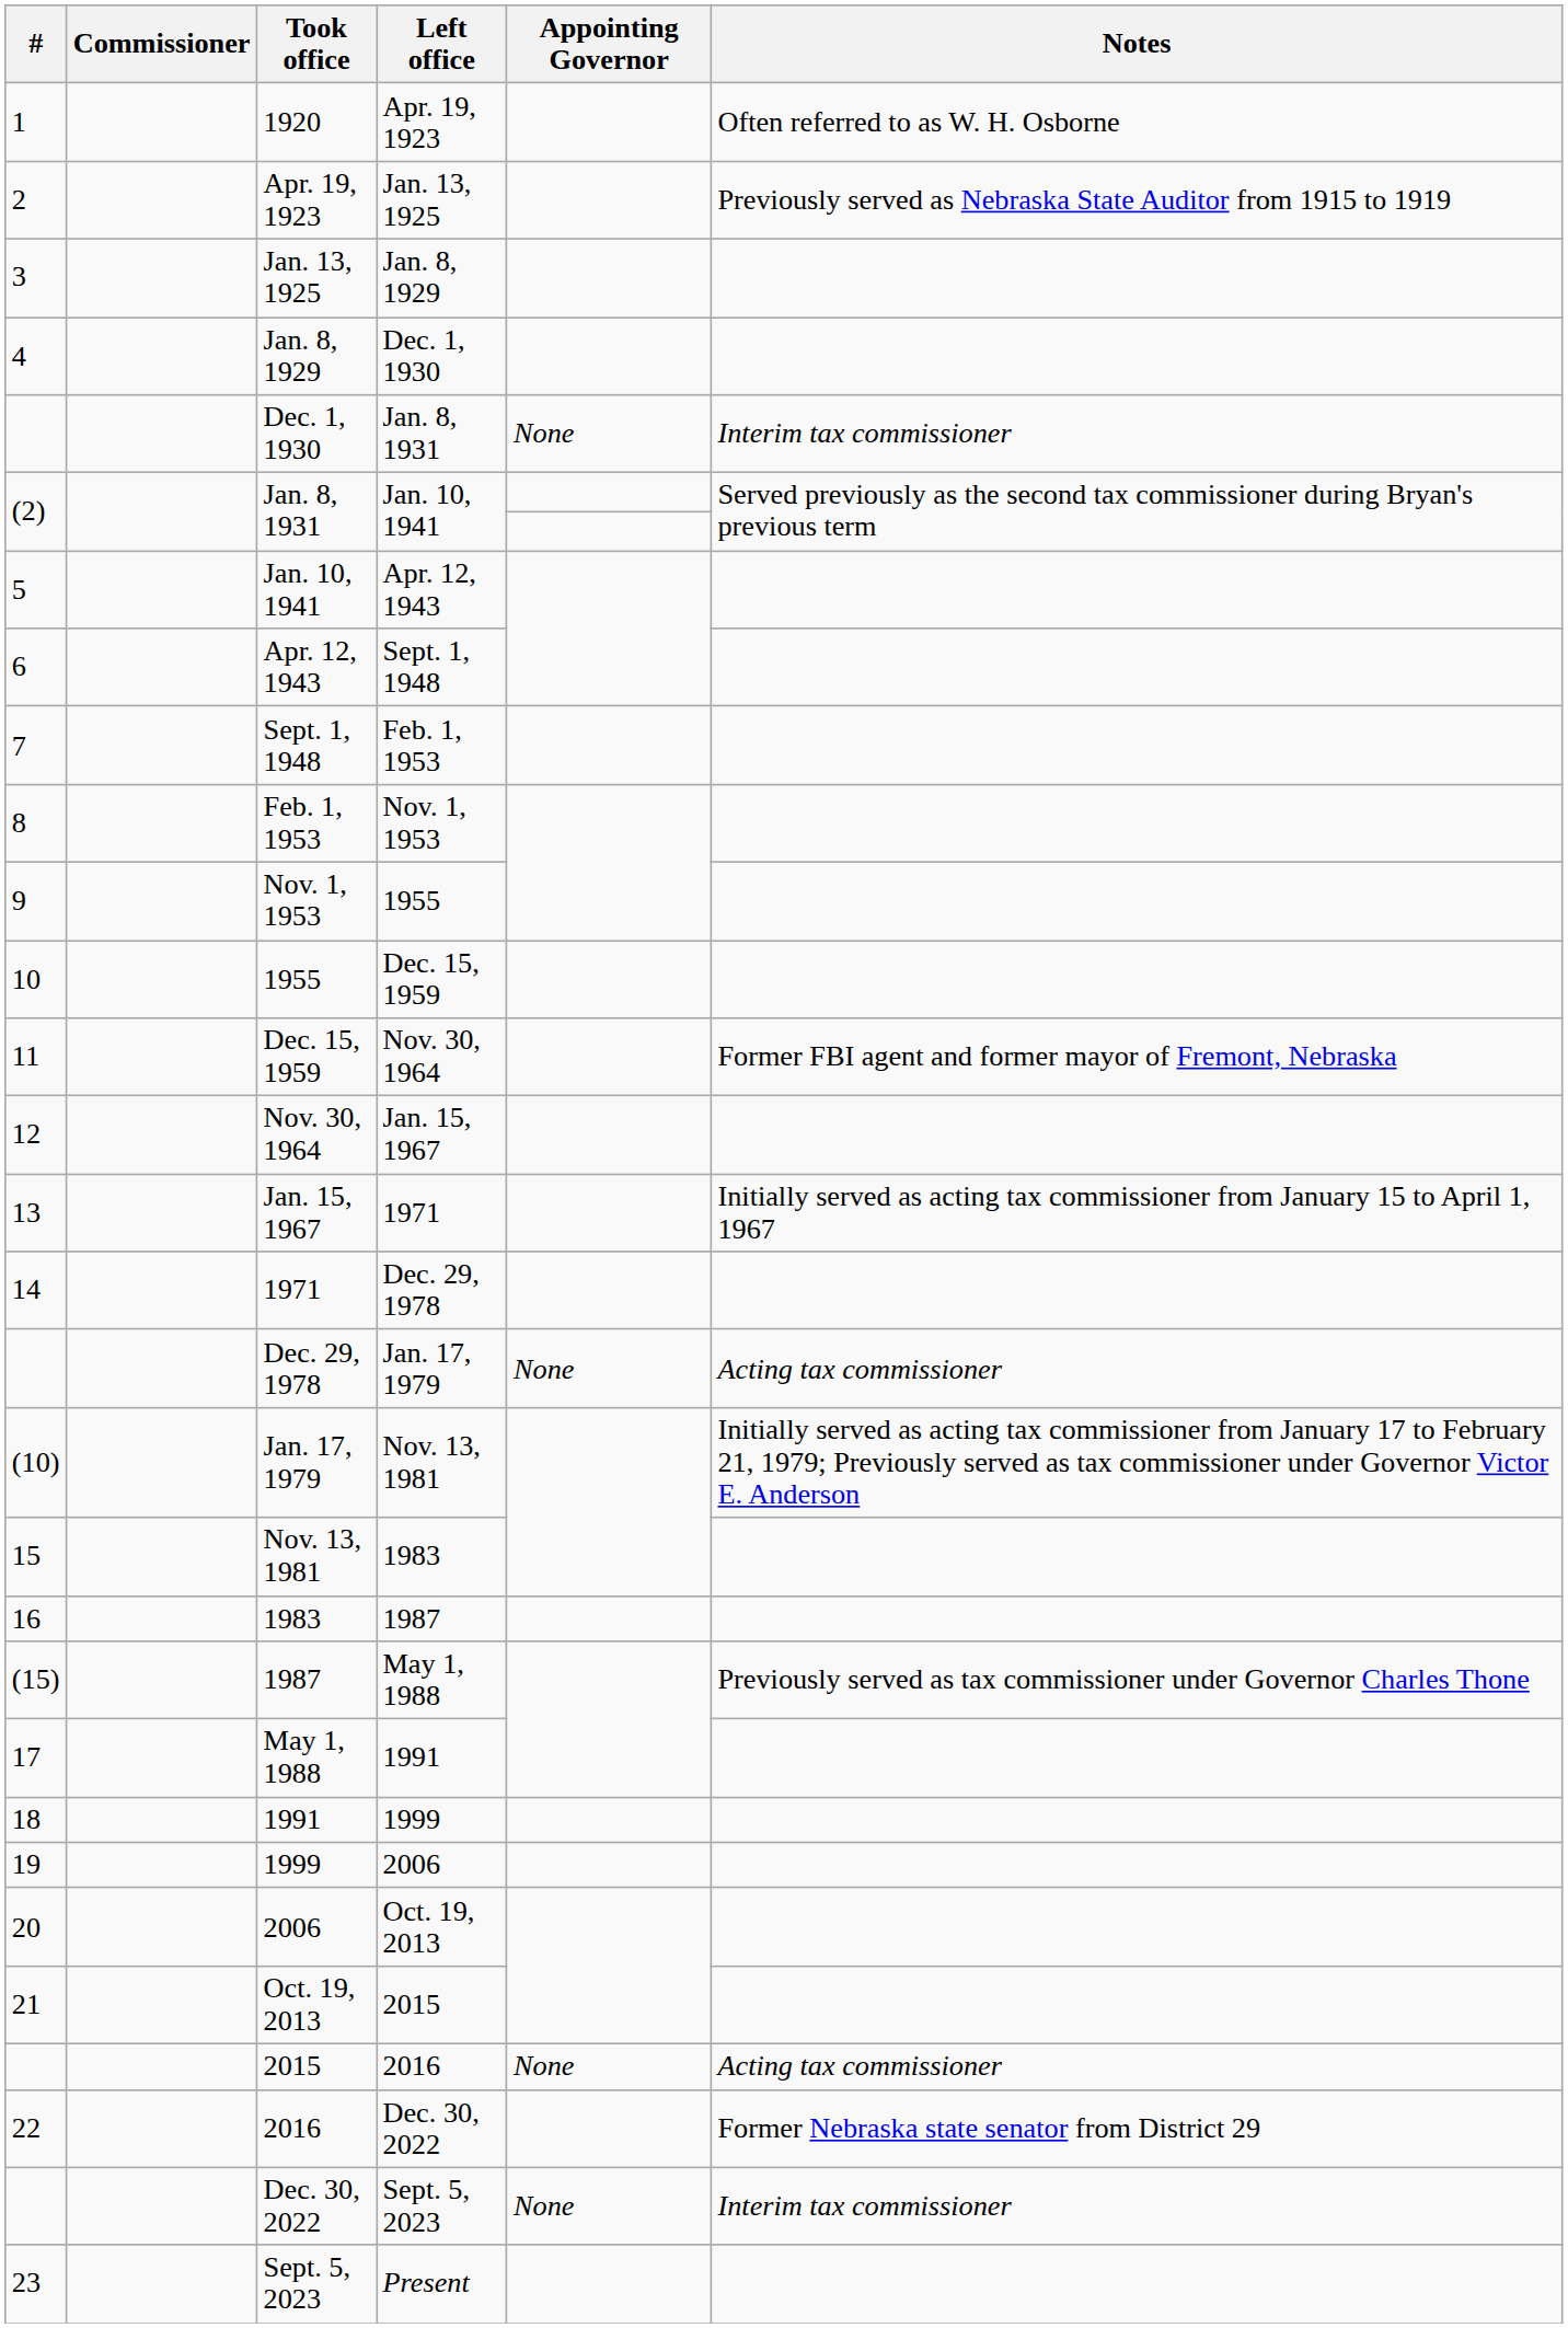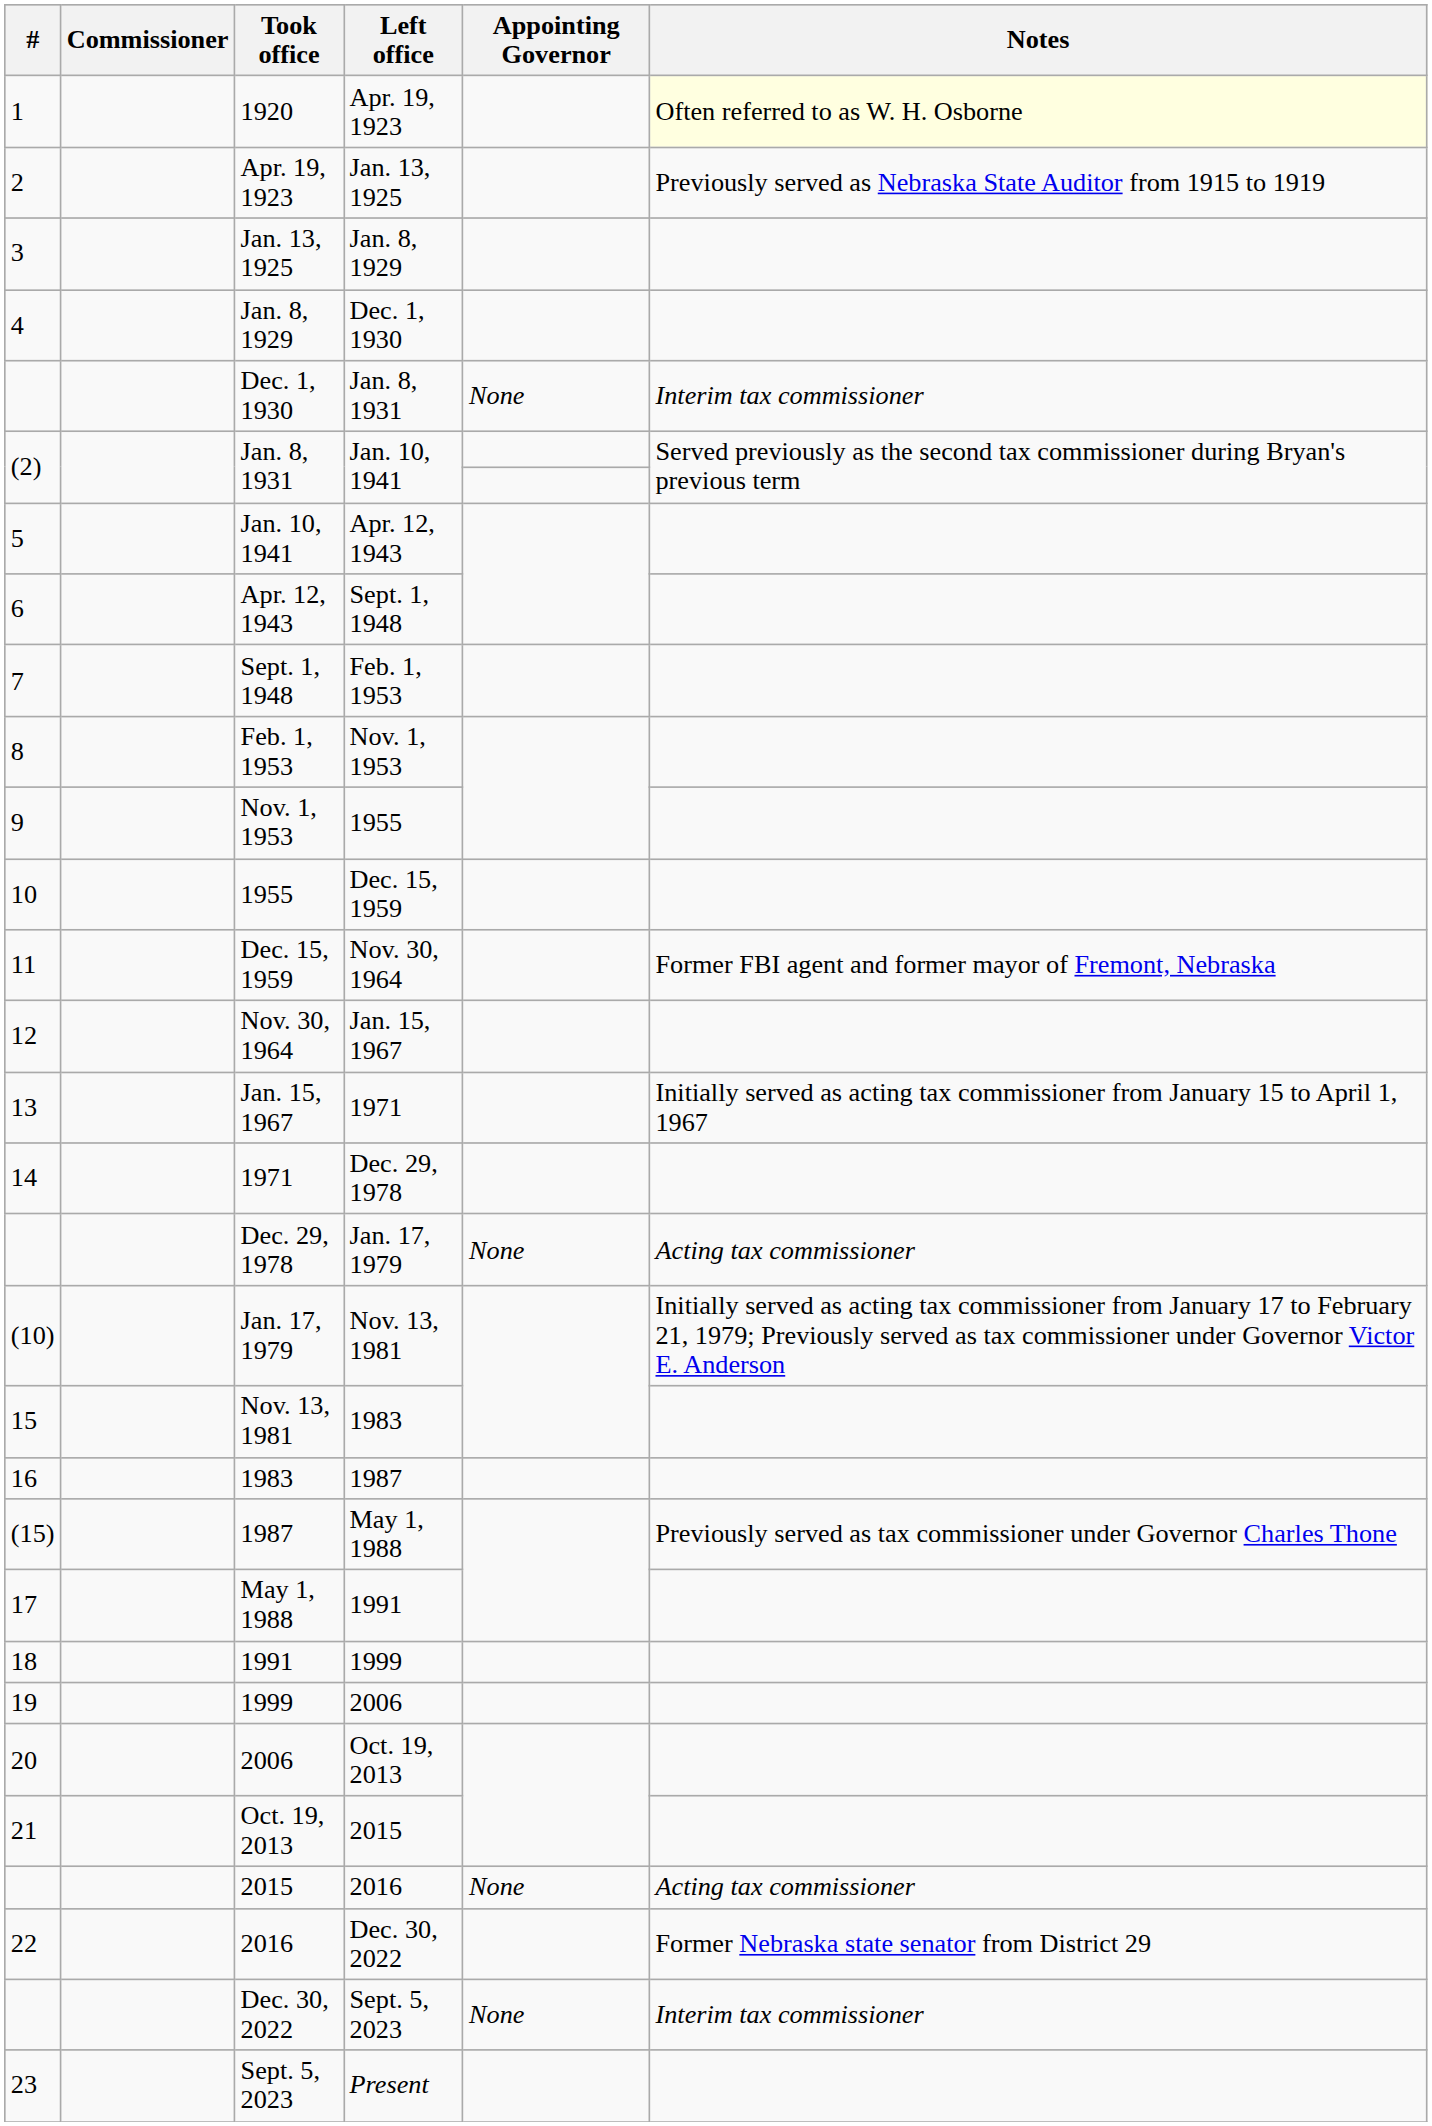 <table class="wikitable sortable">
 <tr>
 <th>#</th>
 <th>Commissioner</th>
 <th>Took office</th>
 <th>Left office</th>
 <th>Appointing Governor</th>
 <th>Notes</th>
 </tr>
 <tr>
 <td>1</td>
 <td></td>
 <td>1920</td>
 <td>Apr. 19, 1923</td>
 <td></td>
-<td>Often referred to as W. H. Osborne</td>
+<td style="background: lightyellow;">Often referred to as W. H. Osborne</td>
 </tr>
 <tr>
 <td>2</td>
 <td></td>
 <td>Apr. 19, 1923</td>
 <td>Jan. 13, 1925</td>
 <td></td>
 <td>Previously served as <a href='#'>Nebraska State Auditor</a> from 1915 to 1919</td>
 </tr>
 <tr>
 <td>3</td>
 <td></td>
 <td>Jan. 13, 1925</td>
 <td>Jan. 8, 1929</td>
 <td></td>
 <td></td>
 </tr>
 <tr>
 <td>4</td>
 <td></td>
 <td>Jan. 8, 1929</td>
 <td>Dec. 1, 1930</td>
 <td></td>
 <td></td>
 </tr>
 <tr>
 <td></td>
 <td><em></em></td>
 <td>Dec. 1, 1930</td>
 <td>Jan. 8, 1931</td>
 <td><em>None</em></td>
 <td><em>Interim tax commissioner</em></td>
 </tr>
 <tr>
 <td rowspan=2>(2)</td>
 <td align="left" rowspan=2></td>
 <td rowspan=2>Jan. 8, 1931</td>
 <td rowspan=2>Jan. 10, 1941</td>
 <td></td>
 <td rowspan=2>Served previously as the second tax commissioner during Bryan's previous term</td>
 </tr>
 <tr>
 <td></td>
 </tr>
 <tr>
 <td>5</td>
 <td></td>
 <td>Jan. 10, 1941</td>
 <td>Apr. 12, 1943</td>
 <td rowspan=2></td>
 <td></td>
 </tr>
 <tr>
 <td>6</td>
 <td></td>
 <td>Apr. 12, 1943</td>
 <td>Sept. 1, 1948</td>
 <td></td>
 </tr>
 <tr>
 <td>7</td>
 <td></td>
 <td>Sept. 1, 1948</td>
 <td>Feb. 1, 1953</td>
 <td></td>
 <td></td>
 </tr>
 <tr>
 <td>8</td>
 <td></td>
 <td>Feb. 1, 1953</td>
 <td>Nov. 1, 1953</td>
 <td rowspan=2></td>
 <td></td>
 </tr>
 <tr>
 <td>9</td>
 <td></td>
 <td>Nov. 1, 1953</td>
 <td>1955</td>
 <td></td>
 </tr>
 <tr>
 <td>10</td>
 <td></td>
 <td>1955</td>
 <td>Dec. 15, 1959</td>
 <td></td>
 <td></td>
 </tr>
 <tr>
 <td>11</td>
 <td></td>
 <td>Dec. 15, 1959</td>
 <td>Nov. 30, 1964</td>
 <td></td>
 <td>Former FBI agent and former mayor of <a href='#'>Fremont, Nebraska</a></td>
 </tr>
 <tr>
 <td>12</td>
 <td></td>
 <td>Nov. 30, 1964</td>
 <td>Jan. 15, 1967</td>
 <td></td>
 <td></td>
 </tr>
 <tr>
 <td>13</td>
 <td></td>
 <td>Jan. 15, 1967</td>
 <td>1971</td>
 <td></td>
 <td>Initially served as acting tax commissioner from January 15 to April 1, 1967</td>
 </tr>
 <tr>
 <td>14</td>
 <td></td>
 <td>1971</td>
 <td>Dec. 29, 1978</td>
 <td></td>
 <td></td>
 </tr>
 <tr>
 <td></td>
 <td><em></em></td>
 <td>Dec. 29, 1978</td>
 <td>Jan. 17, 1979</td>
 <td><em>None</em></td>
 <td><em>Acting tax commissioner</em></td>
 </tr>
 <tr>
 <td>(10)</td>
 <td></td>
 <td>Jan. 17, 1979</td>
 <td>Nov. 13, 1981</td>
 <td rowspan=2></td>
 <td>Initially served as acting tax commissioner from January 17 to February 21, 1979; Previously served as tax commissioner under Governor <a href='#'>Victor E. Anderson</a></td>
 </tr>
 <tr>
 <td>15</td>
 <td></td>
 <td>Nov. 13, 1981</td>
 <td>1983</td>
 <td></td>
 </tr>
 <tr>
 <td>16</td>
 <td></td>
 <td>1983</td>
 <td>1987</td>
 <td></td>
 <td></td>
 </tr>
 <tr>
 <td>(15)</td>
 <td></td>
 <td>1987</td>
 <td>May 1, 1988</td>
 <td rowspan=2></td>
 <td>Previously served as tax commissioner under Governor <a href='#'>Charles Thone</a></td>
 </tr>
 <tr>
 <td>17</td>
 <td></td>
 <td>May 1, 1988</td>
 <td>1991</td>
 <td></td>
 </tr>
 <tr>
 <td>18</td>
 <td></td>
 <td>1991</td>
 <td>1999</td>
 <td></td>
 <td></td>
 </tr>
 <tr>
 <td>19</td>
 <td></td>
 <td>1999</td>
 <td>2006</td>
 <td></td>
 <td></td>
 </tr>
 <tr>
 <td>20</td>
 <td></td>
 <td>2006</td>
 <td>Oct. 19, 2013</td>
 <td rowspan=2></td>
 <td></td>
 </tr>
 <tr>
 <td>21</td>
 <td></td>
 <td>Oct. 19, 2013</td>
 <td>2015</td>
 <td></td>
 </tr>
 <tr>
 <td></td>
 <td><em></em></td>
 <td>2015</td>
 <td>2016</td>
 <td><em>None</em></td>
 <td><em>Acting tax commissioner</em></td>
 </tr>
 <tr>
 <td>22</td>
 <td></td>
 <td>2016</td>
 <td>Dec. 30, 2022</td>
 <td></td>
 <td>Former <a href='#'>Nebraska state senator</a> from District 29</td>
 </tr>
 <tr>
 <td></td>
 <td><em></em></td>
 <td>Dec. 30, 2022</td>
 <td>Sept. 5, 2023</td>
 <td><em>None</em></td>
 <td><em>Interim tax commissioner</em></td>
 </tr>
 <tr>
 <td>23</td>
 <td></td>
 <td>Sept. 5, 2023</td>
 <td><em>Present</em></td>
 <td></td>
 <td></td>
 </tr>
 </table>
